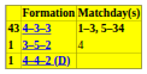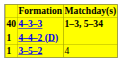 <table class="toccolours" border="0" cellpadding="2" cellspacing="0" align="center" style="margin: 0.5em 0 1em 1em; background: #000000; border: 1px #aaaaaa solid;">
 <tr bgcolor=#FFFF00>
 <th></th>
 <th>Formation</th>
 <th>Matchday(s)</th>
 </tr>
 <tr bgcolor=#FFFF00>
-<td><strong>43</strong></td>
+<td><strong>40</strong></td>
 <td><a href='#'><span><strong>4–3–3</strong></span></a></td>
 <td><strong>1–3, 5–34</strong></td>
+</tr>
+<tr bgcolor=#FFFF00>
+<td><strong>1</strong></td>
+<td><a href='#'><span><strong>4–4–2 (D)</strong></span></a></td>
+<td></td>
 </tr>
 <tr bgcolor=#FFFF00>
 <td><strong>1</strong></td>
 <td><a href='#'><span><strong>3–5–2</strong></span></a></td>
 <td>4</td>
 </tr>
-<tr bgcolor=#FFFF00>
-<td><strong>1</strong></td>
-<td><a href='#'><span><strong>4–4–2 (D)</strong></span></a></td>
-<td></td>
-</tr>
 </table>
